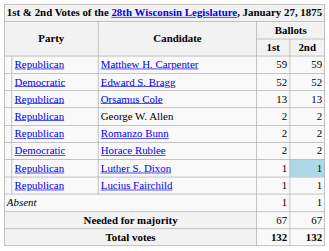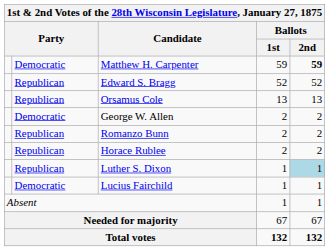 <table class="wikitable sortable">
 <tr>
 <th colspan="6" align="center">1st & 2nd Votes of the <a href='#'>28th Wisconsin Legislature</a>, January 27, 1875</th>
 </tr>
 <tr>
 <th colspan="2" rowspan="2" class="unsortable">Party</th>
 <th rowspan="2" class="unsortable">Candidate</th>
 <th colspan="2">Ballots</th>
 </tr>
 <tr>
 <th>1st</th>
 <th>2nd</th>
 </tr>
 <tr>
 <td style="background-color:"></td>
-<td><a href='#'>Republican</a></td>
+<td><a href='#'>Democratic</a></td>
 <td><a href='#'>Matthew H. Carpenter</a></td>
 <td align="right">59</td>
-<td align="right">59</td>
+<td align="right"><strong>59</strong></td>
 </tr>
 <tr>
 <td style="background-color:"></td>
-<td><a href='#'>Democratic</a></td>
+<td><a href='#'>Republican</a></td>
 <td><a href='#'>Edward S. Bragg</a></td>
 <td align="right">52</td>
 <td align="right">52</td>
 </tr>
 <tr>
 <td style="background-color:"></td>
 <td><a href='#'>Republican</a></td>
 <td><a href='#'>Orsamus Cole</a></td>
 <td align="right">13</td>
 <td align="right">13</td>
 </tr>
 <tr>
 <td style="background-color:"></td>
-<td><a href='#'>Republican</a></td>
+<td><a href='#'>Democratic</a></td>
 <td>George W. Allen</td>
 <td align="right">2</td>
 <td align="right">2</td>
 </tr>
 <tr>
 <td style="background-color:"></td>
 <td><a href='#'>Republican</a></td>
 <td><a href='#'>Romanzo Bunn</a></td>
 <td align="right">2</td>
 <td align="right">2</td>
 </tr>
 <tr>
 <td style="background-color:"></td>
-<td><a href='#'>Democratic</a></td>
+<td><a href='#'>Republican</a></td>
 <td><a href='#'>Horace Rublee</a></td>
 <td align="right">2</td>
 <td align="right">2</td>
 </tr>
 <tr>
 <td style="background-color:"></td>
 <td><a href='#'>Republican</a></td>
 <td><a href='#'>Luther S. Dixon</a></td>
 <td align="right">1</td>
 <td align="right" style="background: lightblue;">1</td>
 </tr>
 <tr>
 <td style="background-color:"></td>
-<td><a href='#'>Republican</a></td>
+<td><a href='#'>Democratic</a></td>
 <td><a href='#'>Lucius Fairchild</a></td>
 <td align="right">1</td>
 <td align="right">1</td>
 </tr>
 <tr>
 <td colspan="3"><em>Absent</em></td>
 <td align="right">1</td>
 <td align="right">1</td>
 </tr>
 <tr>
 <th colspan="3">Needed for majority</th>
 <td align="right">67</td>
 <td align="right">67</td>
 </tr>
 <tr>
 <th colspan="3">Total votes</th>
 <td align="right"><strong>132</strong></td>
 <td align="right"><strong>132</strong></td>
 </tr>
 </table>
